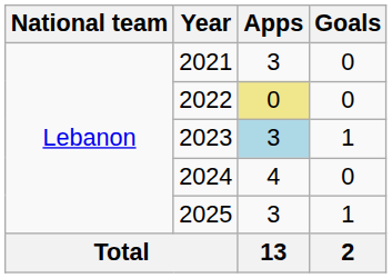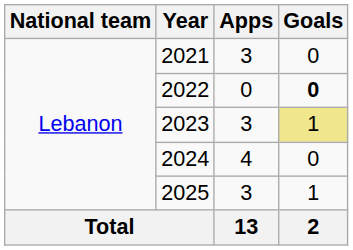 <table class="wikitable" style="text-align:center">
 <tr>
 <th>National team</th>
 <th>Year</th>
 <th>Apps</th>
 <th>Goals</th>
 </tr>
 <tr>
 <td rowspan="5"><a href='#'>Lebanon</a></td>
 <td>2021</td>
 <td>3</td>
 <td>0</td>
 </tr>
 <tr>
 <td>2022</td>
-<td style="background: khaki;">0</td>
 <td>0</td>
+<td><strong>0</strong></td>
 </tr>
 <tr>
 <td>2023</td>
-<td style="background: lightblue;">3</td>
-<td>1</td>
+<td>3</td>
+<td style="background: khaki;">1</td>
 </tr>
 <tr>
 <td>2024</td>
 <td>4</td>
 <td>0</td>
 </tr>
 <tr>
 <td>2025</td>
 <td>3</td>
 <td>1</td>
 </tr>
 <tr>
 <th colspan="2">Total</th>
 <th>13</th>
 <th>2</th>
 </tr>
 </table>
